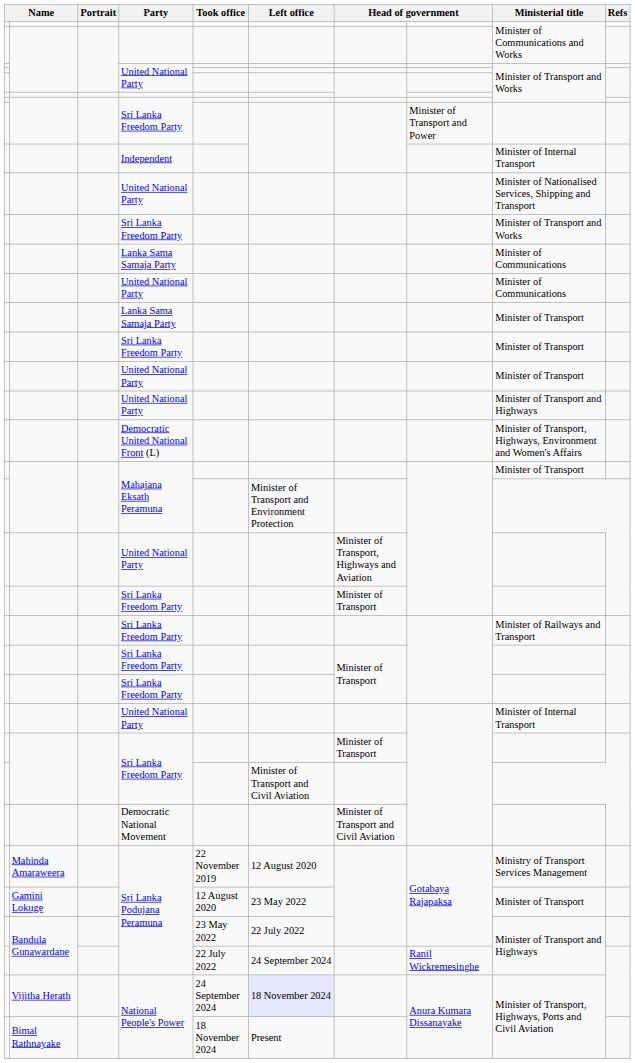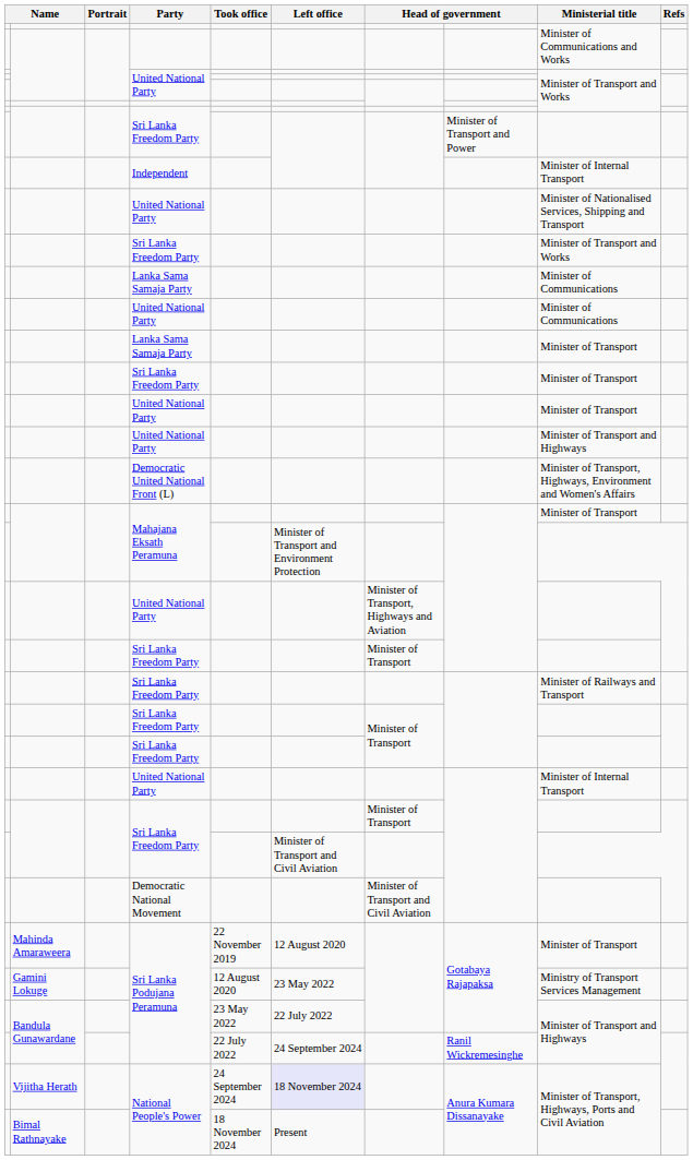 <table class="wikitable plainrowheaders sortable" style="font-size:90%; text-align:left;">
 <tr>
 <th scope=col colspan="2">Name</th>
 <th scope=col class=unsortable>Portrait</th>
 <th scope=col>Party</th>
 <th scope=col>Took office</th>
 <th scope=col>Left office</th>
 <th scope=col colspan="2">Head of government</th>
 <th scope=col>Ministerial title</th>
 <th scope=col class=unsortable>Refs</th>
 </tr>
 <tr>
 <td></td>
 <td></td>
 <td></td>
 <td></td>
 <td align=center></td>
 <td align=center></td>
 <td></td>
 <td></td>
 <td rowspan=2>Minister of Communications and Works</td>
 <td align=center></td>
 </tr>
 <tr>
 <td></td>
 <td rowspan=4></td>
 <td rowspan=4></td>
 <td></td>
 <td align=center></td>
 <td align=center></td>
 <td></td>
 <td></td>
 <td align=center></td>
 </tr>
 <tr>
 <td !align="center" style="background:"></td>
 <td rowspan=3><a href='#'>United National Party</a></td>
 <td align=center></td>
 <td align=center></td>
 <td !align="center" style="background:"></td>
 <td></td>
 <td rowspan=5>Minister of Transport and Works</td>
 <td align=center></td>
 </tr>
 <tr>
 <td align=center></td>
 <td align=center></td>
 <td !align="center" style="background:"></td>
 <td></td>
 <td align=center></td>
 </tr>
 <tr>
 <td align=center></td>
 <td align=center></td>
 <td !align="center" style="background:"></td>
 <td rowspan=2></td>
 <td align=center></td>
 </tr>
 <tr>
 <td></td>
 <td></td>
 <td></td>
 <td></td>
 <td align=center></td>
 <td align=center></td>
 <td align=center></td>
 </tr>
 <tr>
 <td !align="center" style="background:"></td>
 <td rowspan=2></td>
 <td align=center rowspan=2></td>
 <td rowspan=2><a href='#'>Sri Lanka Freedom Party</a></td>
 <td align=center></td>
 <td align=center></td>
 <td !align="center" style="background:"></td>
 <td></td>
 <td align=center></td>
 </tr>
 <tr>
 <td align=center></td>
 <td align=center></td>
 <td !align="center" rowspan=2 style="background:"></td>
 <td rowspan=2></td>
 <td>Minister of Transport and Power</td>
 <td align=center></td>
 </tr>
 <tr>
 <td></td>
 <td></td>
 <td></td>
 <td><a href='#'>Independent</a></td>
 <td align=center></td>
 <td align=center></td>
 <td>Minister of Internal Transport</td>
 <td></td>
 </tr>
 <tr>
 <td !align="center" style="background:"></td>
 <td></td>
 <td></td>
 <td><a href='#'>United National Party</a></td>
 <td align=center></td>
 <td align=center></td>
 <td !align="center" style="background:"></td>
 <td></td>
 <td>Minister of Nationalised Services, Shipping and Transport</td>
 <td align=center></td>
 </tr>
 <tr>
 <td !align="center" style="background:"></td>
 <td></td>
 <td></td>
 <td><a href='#'>Sri Lanka Freedom Party</a></td>
 <td align=center></td>
 <td align=center></td>
 <td !align="center" style="background:"></td>
 <td></td>
 <td>Minister of Transport and Works</td>
 <td align=center></td>
 </tr>
 <tr>
 <td !align="center" style="background:"></td>
 <td></td>
 <td></td>
 <td><a href='#'>Lanka Sama Samaja Party</a></td>
 <td align=center></td>
 <td align=center></td>
 <td !align="center" style="background:"></td>
 <td></td>
 <td>Minister of Communications</td>
 <td align=center></td>
 </tr>
 <tr>
 <td !align="center" style="background:"></td>
 <td></td>
 <td align=center></td>
 <td><a href='#'>United National Party</a></td>
 <td align=center></td>
 <td align=center></td>
 <td !align="center" style="background:"></td>
 <td></td>
 <td>Minister of Communications</td>
 <td align=center></td>
 </tr>
 <tr>
 <td !align="center" style="background:"></td>
 <td></td>
 <td></td>
 <td><a href='#'>Lanka Sama Samaja Party</a></td>
 <td align=center></td>
 <td align=center></td>
 <td !align="center" style="background:"></td>
 <td></td>
 <td>Minister of Transport</td>
 <td align=center></td>
 </tr>
 <tr>
 <td !align="center" style="background:"></td>
 <td></td>
 <td></td>
 <td><a href='#'>Sri Lanka Freedom Party</a></td>
 <td align=center></td>
 <td align=center></td>
 <td !align="center" style="background:"></td>
 <td></td>
 <td>Minister of Transport</td>
 <td align=center></td>
 </tr>
 <tr>
 <td !align="center" style="background:"></td>
 <td></td>
 <td></td>
 <td><a href='#'>United National Party</a></td>
 <td align=center></td>
 <td align=center></td>
 <td !align="center" style="background:"></td>
 <td></td>
 <td>Minister of Transport</td>
 <td align=center></td>
 </tr>
 <tr>
 <td !align="center" style="background:"></td>
 <td></td>
 <td></td>
 <td><a href='#'>United National Party</a></td>
 <td align=center></td>
 <td align=center></td>
 <td !align="center" style="background:"></td>
 <td></td>
 <td>Minister of Transport and Highways</td>
 <td align=center></td>
 </tr>
 <tr>
 <td></td>
 <td></td>
 <td></td>
 <td><a href='#'>Democratic United National Front</a> (L)</td>
 <td align=center></td>
 <td align=center></td>
 <td !align="center" style="background:"></td>
 <td></td>
 <td>Minister of Transport, Highways, Environment and Women's Affairs</td>
 <td align=center></td>
 </tr>
 <tr>
 <td style="background:"></td>
 <td rowspan=2></td>
 <td align=center rowspan=2></td>
 <td rowspan=2><a href='#'>Mahajana Eksath Peramuna</a></td>
 <td align=center></td>
 <td></td>
 <td !align="center" style="background:"></td>
 <td rowspan=4></td>
 <td>Minister of Transport</td>
 <td align=center></td>
 </tr>
 <tr>
 <td align=center></td>
 <td></td>
 <td>Minister of Transport and Environment Protection</td>
 <td align=center></td>
 </tr>
 <tr>
 <td !align="center" style="background:"></td>
 <td></td>
 <td></td>
 <td><a href='#'>United National Party</a></td>
 <td align=center></td>
 <td align=center></td>
 <td>Minister of Transport, Highways and Aviation</td>
 <td align=center></td>
 </tr>
 <tr>
 <td !align="center" style="background:"></td>
 <td></td>
 <td></td>
 <td><a href='#'>Sri Lanka Freedom Party</a></td>
 <td align=center></td>
 <td align=center></td>
 <td>Minister of Transport</td>
 <td align=center></td>
 </tr>
 <tr>
 <td !align="center" style="background:"></td>
 <td></td>
 <td align=center></td>
 <td><a href='#'>Sri Lanka Freedom Party</a></td>
 <td align=center></td>
 <td align=center></td>
 <td !align="center" style="background:"></td>
 <td rowspan=3></td>
 <td>Minister of Railways and Transport</td>
 <td align=center></td>
 </tr>
 <tr>
 <td !align="center" style="background:"></td>
 <td></td>
 <td align=center></td>
 <td><a href='#'>Sri Lanka Freedom Party</a></td>
 <td align=center></td>
 <td align=center></td>
 <td rowspan=2>Minister of Transport</td>
 <td align=center></td>
 </tr>
 <tr>
 <td !align="center" style="background:"></td>
 <td></td>
 <td></td>
 <td><a href='#'>Sri Lanka Freedom Party</a></td>
 <td align=center></td>
 <td align=center></td>
 <td align=center></td>
 </tr>
 <tr>
 <td !align="center" style="background:"></td>
 <td></td>
 <td align=center></td>
 <td><a href='#'>United National Party</a></td>
 <td align=center></td>
 <td align=center></td>
 <td !align="center" style="background:"></td>
 <td rowspan=4></td>
 <td>Minister of Internal Transport</td>
 <td align=center></td>
 </tr>
 <tr>
 <td !align="center" style="background:"></td>
 <td rowspan=2></td>
 <td rowspan=2></td>
 <td rowspan=2><a href='#'>Sri Lanka Freedom Party</a></td>
 <td align=center></td>
 <td align=center></td>
 <td>Minister of Transport</td>
 <td align=center></td>
 </tr>
 <tr>
 <td align=center></td>
 <td align=center></td>
 <td>Minister of Transport and Civil Aviation</td>
 <td align=center></td>
 </tr>
 <tr>
 <td></td>
 <td></td>
 <td></td>
 <td>Democratic National Movement</td>
 <td align=center></td>
 <td align=center></td>
 <td>Minister of Transport and Civil Aviation</td>
 <td></td>
 </tr>
 <tr>
 <td rowspan="1" style="background:"></td>
 <td><a href='#'>Mahinda Amaraweera</a></td>
 <td></td>
 <td rowspan="4"><a href='#'>Sri Lanka Podujana Peramuna</a></td>
 <td>22 November 2019</td>
 <td>12 August 2020</td>
 <td rowspan="3" !align="center" style="background:"></td>
 <td rowspan="3"><a href='#'>Gotabaya Rajapaksa</a></td>
-<td>Ministry of Transport Services Management</td>
+<td>Minister of Transport</td>
 <td></td>
 </tr>
 <tr>
 <td rowspan="1" style="background:"></td>
 <td><a href='#'>Gamini Lokuge</a></td>
 <td></td>
 <td>12 August 2020</td>
 <td>23 May 2022</td>
-<td>Minister of Transport</td>
+<td>Ministry of Transport Services Management</td>
 <td></td>
 </tr>
 <tr>
 <td rowspan="1" style="background:"></td>
 <td rowspan="2"><a href='#'>Bandula Gunawardane</a></td>
 <td></td>
 <td>23 May 2022</td>
 <td>22 July 2022</td>
 <td rowspan="2">Minister of Transport and Highways</td>
 <td></td>
 </tr>
 <tr>
 <td rowspan="1" style="background:"></td>
 <td></td>
 <td>22 July 2022</td>
 <td>24 September 2024</td>
 <td rowspan="1" style="background:"></td>
 <td><a href='#'>Ranil Wickremesinghe</a></td>
 </tr>
 <tr>
 <td rowspan="1" style="background:"></td>
 <td><a href='#'>Vijitha Herath</a></td>
 <td></td>
 <td rowspan="2"><a href='#'>National People's Power</a></td>
 <td>24 September 2024</td>
 <td style="background: lavender;">18 November 2024</td>
 <td rowspan="1" style="background:"></td>
 <td rowspan="2"><a href='#'>Anura Kumara Dissanayake</a></td>
 <td rowspan="2">Minister of Transport, Highways, Ports and Civil Aviation</td>
 </tr>
 <tr>
 <td rowspan="1" style="background:"></td>
 <td><a href='#'>Bimal Rathnayake</a></td>
 <td></td>
 <td>18 November 2024</td>
 <td>Present</td>
 <td rowspan="1" style="background:"></td>
 <td></td>
 </tr>
 </table>
